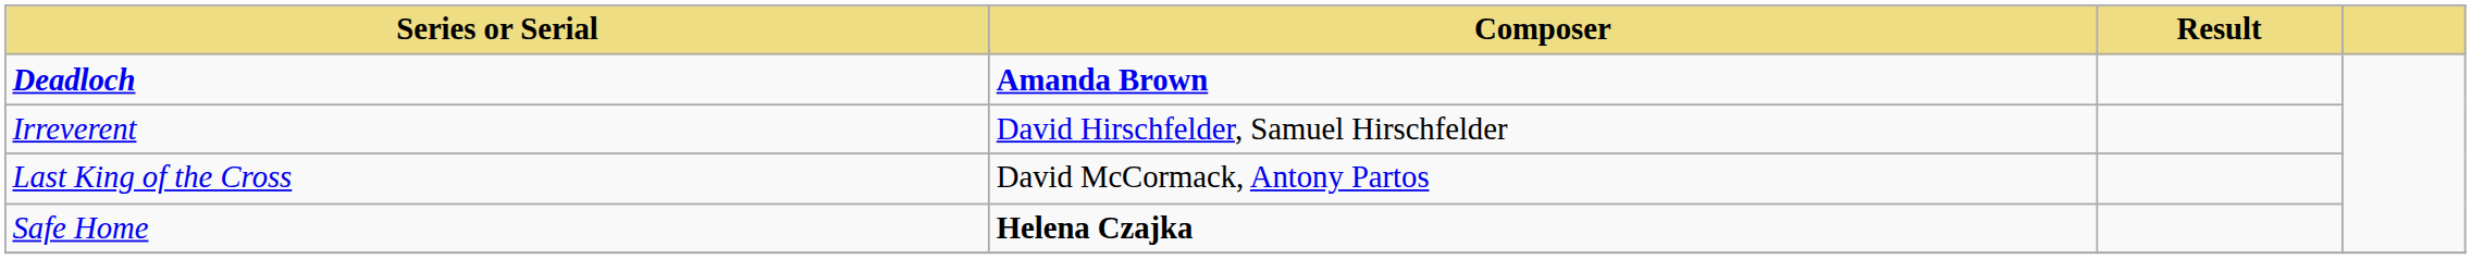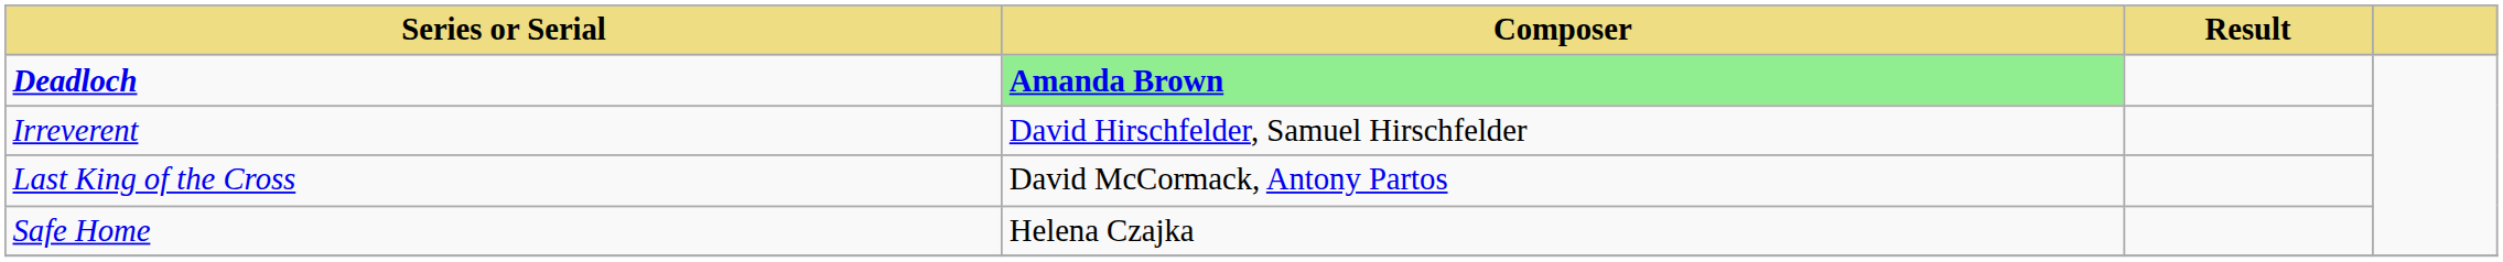 <table class="wikitable" width=100%>
 <tr>
 <th style="width:40%;background:#EEDD82;">Series or Serial</th>
 <th style="width:45%;background:#EEDD82;">Composer</th>
 <th style="width:10%;background:#EEDD82;">Result</th>
 <th style="width:5%;background:#EEDD82;"></th>
 </tr>
 <tr>
 <td><strong><em><a href='#'>Deadloch</a></em></strong></td>
-<td><strong><a href='#'>Amanda Brown</a></strong></td>
+<td style="background: lightgreen;"><strong><a href='#'>Amanda Brown</a></strong></td>
 <td></td>
 <td rowspan="4"><br></td>
 </tr>
 <tr>
 <td><em><a href='#'>Irreverent</a></em></td>
 <td><a href='#'>David Hirschfelder</a>, Samuel Hirschfelder</td>
 <td></td>
 </tr>
 <tr>
 <td><em><a href='#'>Last King of the Cross</a></em></td>
 <td>David McCormack, <a href='#'>Antony Partos</a></td>
 <td></td>
 </tr>
 <tr>
 <td><em><a href='#'>Safe Home</a></em></td>
-<td><strong>Helena Czajka</strong></td>
+<td>Helena Czajka</td>
 <td></td>
 </tr>
 <tr>
 </tr>
 </table>
